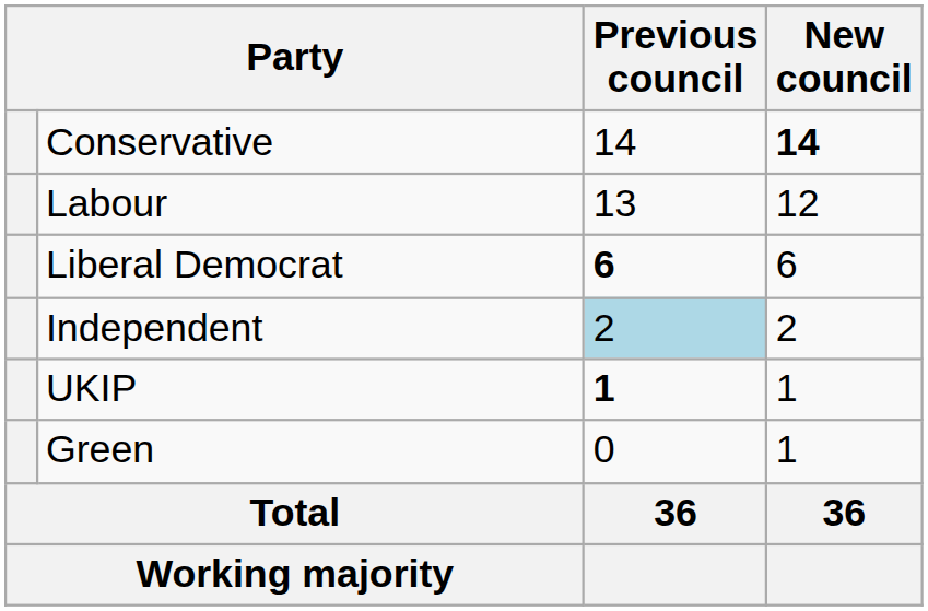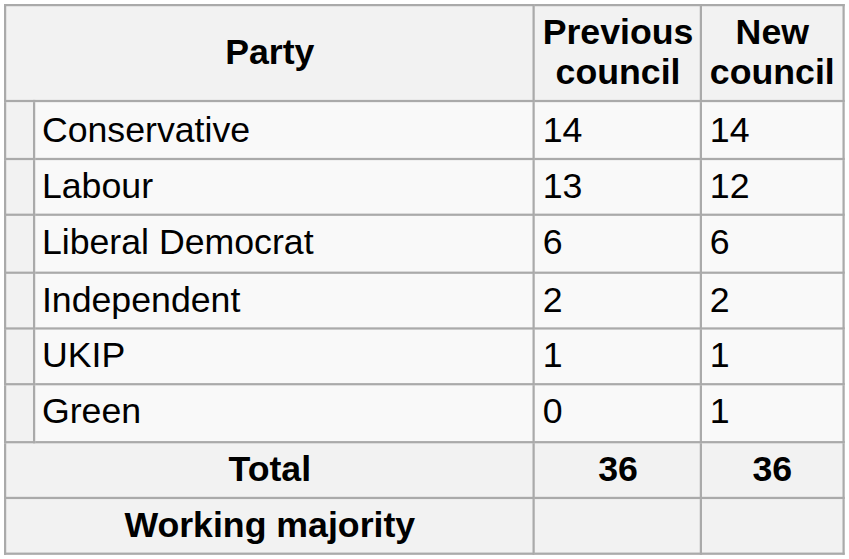 <table class="wikitable">
 <tr>
 <th valign=centre colspan="2" style="width: 230px">Party</th>
 <th valign=top style="width: 30px">Previous council</th>
 <th valign=top style="width: 30px">New council</th>
 </tr>
 <tr>
 <th style="background-color: "></th>
 <td>Conservative</td>
 <td>14</td>
-<td><strong>14</strong></td>
+<td>14</td>
 </tr>
 <tr>
 <th style="background-color: "></th>
 <td>Labour</td>
 <td>13</td>
 <td>12</td>
 </tr>
 <tr>
 <th style="background-color: "></th>
 <td>Liberal Democrat</td>
-<td><strong>6</strong></td>
+<td>6</td>
 <td>6</td>
 </tr>
 <tr>
 <th style="background-color: "></th>
 <td>Independent</td>
-<td style="background: lightblue;">2</td>
+<td>2</td>
 <td>2</td>
 </tr>
 <tr>
 <th style="background-color: "></th>
 <td>UKIP</td>
-<td><strong>1</strong></td>
+<td>1</td>
 <td>1</td>
 </tr>
 <tr>
 <th style="background-color: "></th>
 <td>Green</td>
 <td>0</td>
 <td>1</td>
 </tr>
 <tr>
 <th colspan=2>Total</th>
 <th style="text-align: center">36</th>
 <th colspan=3>36</th>
 </tr>
 <tr>
 <th colspan=2>Working majority</th>
 <th></th>
 <th></th>
 </tr>
 </table>
